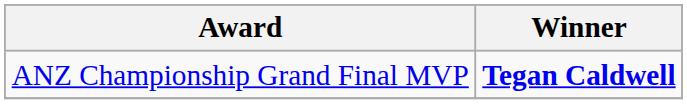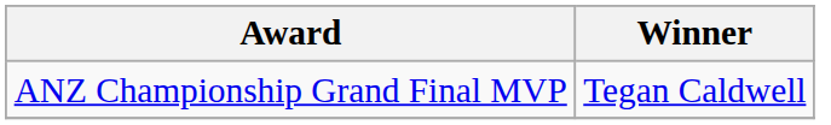 <table class="wikitable collapsible">
 <tr>
 <th>Award</th>
 <th>Winner</th>
 </tr>
 <tr>
 <td><a href='#'>ANZ Championship Grand Final MVP</a></td>
-<td><strong> <a href='#'>Tegan Caldwell</a></strong></td>
+<td> <a href='#'>Tegan Caldwell</a></td>
 </tr>
 <tr>
 </tr>
 </table>
